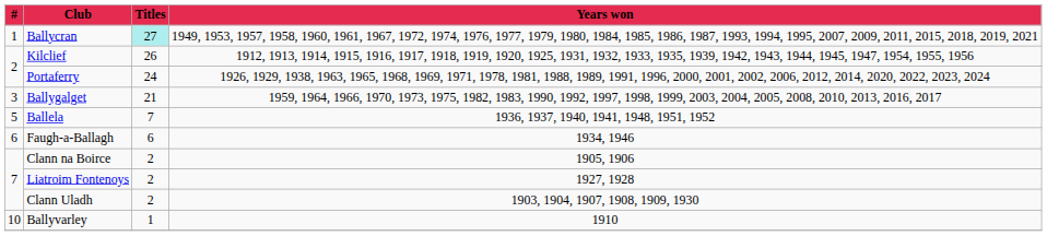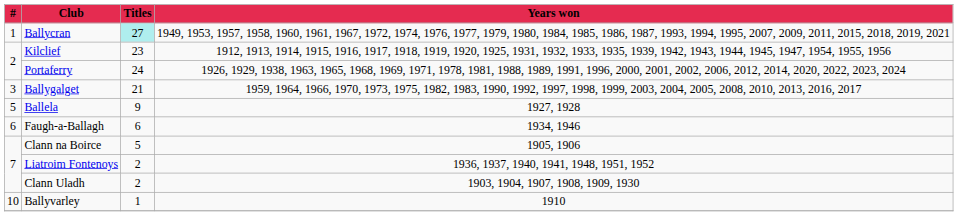 <table class="wikitable sortable" style="text-align:center">
 <tr>
 <th style="background:#E52B50;color:black;">#</th>
 <th style="background:#E52B50;color:black;">Club</th>
 <th style="background:#E52B50;color:black;">Titles</th>
 <th style="background:#E52B50;color:black;">Years won</th>
 </tr>
 <tr>
 <td>1</td>
 <td style="text-align:left"> <a href='#'>Ballycran</a></td>
 <td style="background: paleturquoise;">27</td>
 <td>1949, 1953, 1957, 1958, 1960, 1961, 1967, 1972, 1974, 1976, 1977, 1979, 1980, 1984, 1985, 1986, 1987, 1993, 1994, 1995, 2007, 2009, 2011, 2015, 2018, 2019, 2021</td>
 </tr>
 <tr>
 <td rowspan="2">2</td>
 <td style="text-align:left"> <a href='#'>Kilclief</a></td>
-<td>26</td>
+<td>23</td>
 <td>1912, 1913, 1914, 1915, 1916, 1917, 1918, 1919, 1920, 1925, 1931, 1932, 1933, 1935, 1939, 1942, 1943, 1944, 1945, 1947, 1954, 1955, 1956</td>
 </tr>
 <tr>
 <td style="text-align:left"> <a href='#'>Portaferry</a></td>
 <td>24</td>
 <td>1926, 1929, 1938, 1963, 1965, 1968, 1969, 1971, 1978, 1981, 1988, 1989, 1991, 1996, 2000, 2001, 2002, 2006, 2012, 2014, 2020, 2022, 2023, 2024</td>
 </tr>
 <tr>
 <td>3</td>
 <td style="text-align:left"> <a href='#'>Ballygalget</a></td>
 <td>21</td>
 <td>1959, 1964, 1966, 1970, 1973, 1975, 1982, 1983, 1990, 1992, 1997, 1998, 1999, 2003, 2004, 2005, 2008, 2010, 2013, 2016, 2017</td>
 </tr>
 <tr>
 <td>5</td>
 <td style="text-align:left"> <a href='#'>Ballela</a></td>
-<td>7</td>
-<td>1936, 1937, 1940, 1941, 1948, 1951, 1952</td>
+<td>9</td>
+<td>1927, 1928</td>
 </tr>
 <tr>
 <td>6</td>
 <td style="text-align:left">Faugh-a-Ballagh</td>
 <td>6</td>
 <td>1934, 1946</td>
 </tr>
 <tr>
 <td rowspan=3>7</td>
 <td style="text-align:left"> Clann na Boirce</td>
-<td>2</td>
+<td>5</td>
 <td>1905, 1906</td>
 </tr>
 <tr>
 <td style="text-align:left"> <a href='#'>Liatroim Fontenoys</a></td>
 <td>2</td>
-<td>1927, 1928</td>
+<td>1936, 1937, 1940, 1941, 1948, 1951, 1952</td>
 </tr>
 <tr>
 <td style="text-align:left">Clann Uladh</td>
 <td>2</td>
 <td>1903, 1904, 1907, 1908, 1909, 1930</td>
 </tr>
 <tr>
 <td>10</td>
 <td style="text-align:left"> Ballyvarley</td>
 <td>1</td>
 <td>1910</td>
 </tr>
 <tr>
 </tr>
 </table>
